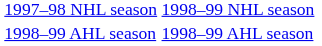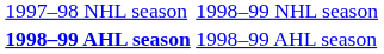 <table>
 <tr>
 <td><a href='#'>1997–98 NHL season</a></td>
 <td><a href='#'>1998–99 NHL season</a></td>
 </tr>
 <tr>
-<td><a href='#'>1998–99 AHL season</a></td>
+<td><strong><a href='#'>1998–99 AHL season</a></strong></td>
 <td><a href='#'>1998–99 AHL season</a></td>
 </tr>
 <tr>
 </tr>
 </table>
